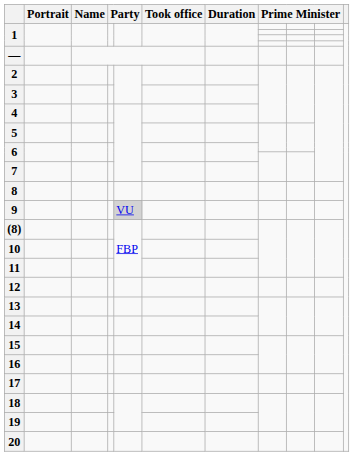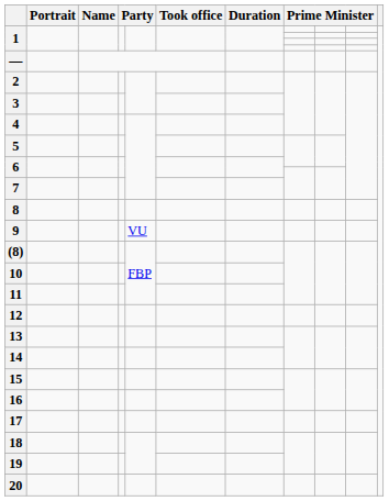 <table class="wikitable">
 <tr>
 <th scope="col"></th>
 <th scope="col">Portrait</th>
 <th scope="col">Name<br></th>
 <th colspan="2" scope="rowgroup">Party</th>
 <th scope="col">Took office</th>
 <th>Duration</th>
 <th colspan="3" scope="rowgroup">Prime Minister</th>
 <th></th>
 </tr>
 <tr>
 <th rowspan="4" scope="row" style="background:">1</th>
 <td rowspan="4"></td>
 <td rowspan="4"></td>
 <td rowspan="4"></td>
 <td rowspan="4"></td>
 <td rowspan="4"></td>
 <td rowspan="4"></td>
 <td></td>
 <td></td>
 <td></td>
 <td rowspan="27"></td>
 </tr>
 <tr>
 <td></td>
 <td></td>
 <td></td>
 </tr>
 <tr>
 <td></td>
 <td></td>
 <td></td>
 </tr>
 <tr>
 <td></td>
 <td></td>
 <td></td>
 </tr>
 <tr>
 <th scope="row">—</th>
 <td></td>
 <td colspan="4"></td>
 <td></td>
 <td></td>
 <td></td>
 <td></td>
 </tr>
 <tr>
 <th scope="row" style="background:">2</th>
 <td></td>
 <td></td>
 <td></td>
 <td rowspan="2"></td>
 <td></td>
 <td></td>
 <td rowspan="3"></td>
 <td rowspan="3"></td>
 <td rowspan="8"></td>
 </tr>
 <tr>
 <th scope="row" style="background:">3</th>
 <td></td>
 <td></td>
 <td></td>
 <td></td>
 <td></td>
 </tr>
 <tr>
 <th scope="row" style="background:">4</th>
 <td></td>
 <td></td>
 <td></td>
 <td rowspan="6"></td>
 <td></td>
 <td></td>
 </tr>
 <tr>
 <th scope="row" style="background:">5</th>
 <td></td>
 <td></td>
 <td></td>
 <td></td>
 <td></td>
 <td rowspan="3"></td>
 <td rowspan="3"></td>
 </tr>
 <tr>
 <th rowspan="3" style="background:">6</th>
 <td rowspan="3"></td>
 <td rowspan="3"></td>
 <td style="border-bottom-style:hidden;"></td>
 <td rowspan="3"></td>
 <td rowspan="3"></td>
 </tr>
 <tr>
 <td rowspan="2"></td>
 </tr>
 <tr>
 <td rowspan="2"></td>
 <td rowspan="2"></td>
 </tr>
 <tr>
 <th scope="row" style="background:">7</th>
 <td></td>
 <td></td>
 <td></td>
 <td></td>
 <td></td>
 </tr>
 <tr>
 <th scope="row" style="background:">8</th>
 <td></td>
 <td></td>
 <td></td>
 <td></td>
 <td></td>
 <td></td>
 <td></td>
 <td></td>
 <td></td>
 </tr>
 <tr>
 <th scope="row" style="background:">9</th>
 <td></td>
 <td></td>
 <td></td>
-<td style="background: lightgrey;"><a href='#'>VU</a></td>
+<td><a href='#'>VU</a></td>
 <td></td>
 <td></td>
 <td></td>
 <td></td>
 <td></td>
 </tr>
 <tr>
 <th scope="row" style="background:">(8)</th>
 <td></td>
 <td></td>
 <td></td>
 <td rowspan="3"><a href='#'>FBP</a></td>
 <td></td>
 <td></td>
 <td rowspan="3"></td>
 <td rowspan="3"></td>
 <td rowspan="3"></td>
 </tr>
 <tr>
 <th scope="row" style="background:">10</th>
 <td></td>
 <td></td>
 <td></td>
 <td></td>
 <td></td>
 </tr>
 <tr>
 <th scope="row" style="background:">11</th>
 <td></td>
 <td></td>
 <td></td>
 <td></td>
 <td></td>
 </tr>
 <tr>
 <th scope="row" style="background:">12</th>
 <td></td>
 <td></td>
 <td></td>
 <td></td>
 <td></td>
 <td></td>
 <td></td>
 <td></td>
 <td></td>
 </tr>
 <tr>
 <th scope="row" style="background:">13</th>
 <td></td>
 <td></td>
 <td></td>
 <td></td>
 <td></td>
 <td></td>
 <td rowspan="2"></td>
 <td rowspan="2"></td>
 <td rowspan="2"></td>
 </tr>
 <tr>
 <th scope="row" style="background:">14</th>
 <td></td>
 <td></td>
 <td></td>
 <td></td>
 <td></td>
 <td></td>
 </tr>
 <tr>
 <th scope="row" style="background:">15</th>
 <td></td>
 <td></td>
 <td></td>
 <td></td>
 <td></td>
 <td></td>
 <td rowspan="2"></td>
 <td rowspan="2"></td>
 <td rowspan="2"></td>
 </tr>
 <tr>
 <th scope="row" style="background:">16</th>
 <td></td>
 <td></td>
 <td></td>
 <td></td>
 <td></td>
 <td></td>
 </tr>
 <tr>
 <th scope="row" style="background:">17</th>
 <td></td>
 <td></td>
 <td></td>
 <td></td>
 <td></td>
 <td></td>
 <td></td>
 <td></td>
 <td></td>
 </tr>
 <tr>
 <th scope="row" style="background:">18</th>
 <td></td>
 <td></td>
 <td></td>
 <td rowspan="2"></td>
 <td></td>
 <td></td>
 <td rowspan="2"></td>
 <td rowspan="2"></td>
 <td rowspan="2"></td>
 </tr>
 <tr>
 <th scope="row" style="background:">19</th>
 <td></td>
 <td></td>
 <td></td>
 <td></td>
 <td></td>
 </tr>
 <tr>
 <th scope="row" style="background:">20</th>
 <td></td>
 <td></td>
 <td></td>
 <td></td>
 <td></td>
 <td></td>
 <td></td>
 <td></td>
 <td></td>
 </tr>
 </table>
